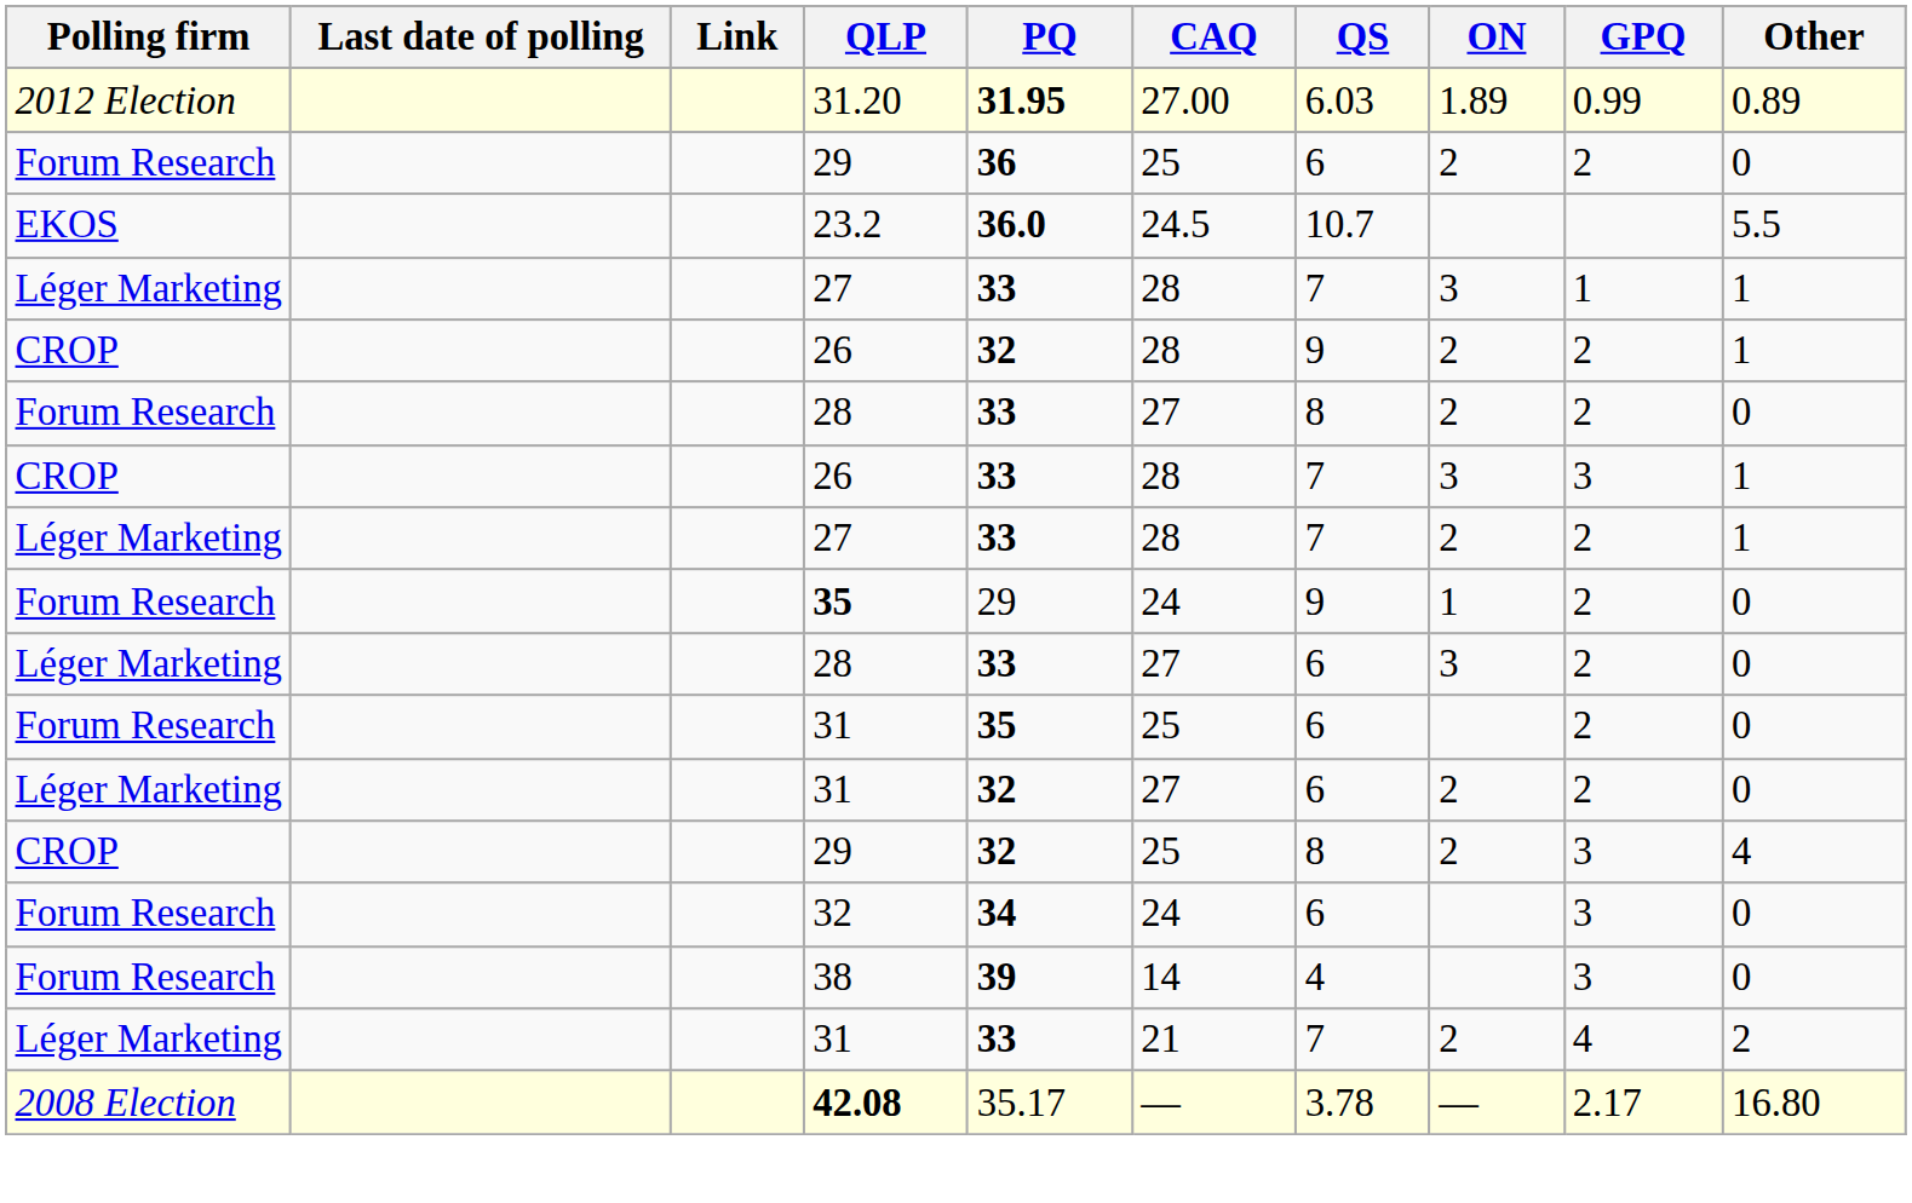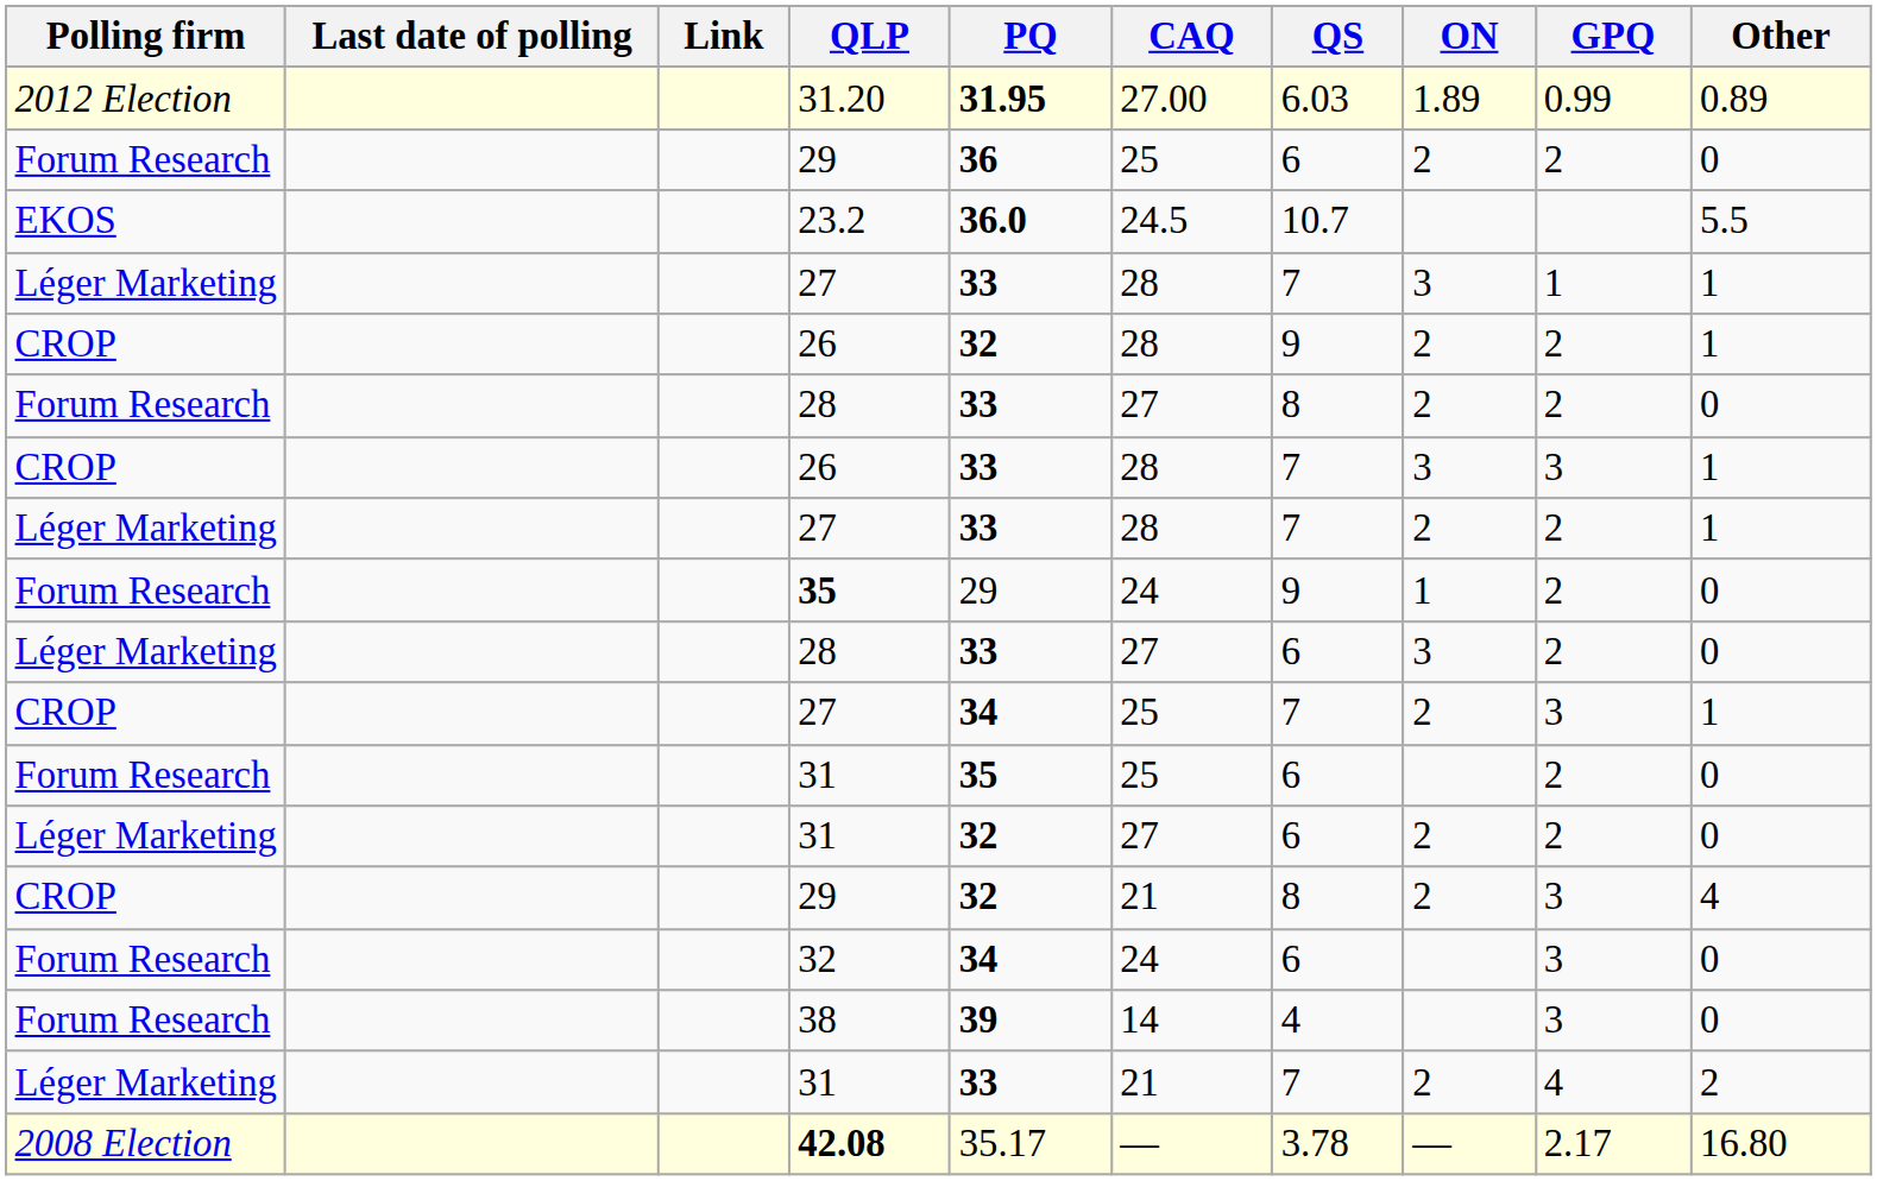 <table class="wikitable sortable">
 <tr style="background:#e9e9e9;">
 <th width=15%>Polling firm</th>
 <th width=20%>Last date of polling</th>
 <th style="width:7%;" class="unsortable">Link</th>
 <th style="background-color:"><strong><a href='#'>QLP</a></strong></th>
 <th style="background-color:"><strong><a href='#'>PQ</a></strong></th>
 <th style="background-color:"><strong><a href='#'>CAQ</a></strong></th>
 <th style="background-color:"><strong><a href='#'>QS</a></strong></th>
 <th style="background-color:"><strong><a href='#'>ON</a></strong></th>
 <th style="background-color:"><strong><a href='#'>GPQ</a></strong></th>
 <th style="background-color:"><strong>Other</strong></th>
 </tr>
 <tr>
 <td style="background:#ffd;"><em>2012 Election</em></td>
 <td style="background:#ffd;"></td>
 <td style="background:#ffd;"></td>
 <td style="background:#ffd;">31.20</td>
 <td style="background:#ffd;"><strong>31.95</strong></td>
 <td style="background:#ffd;">27.00</td>
 <td style="background:#ffd;">6.03</td>
 <td style="background:#ffd;">1.89</td>
 <td style="background:#ffd;">0.99</td>
 <td style="background:#ffd;">0.89</td>
 </tr>
 <tr>
 <td><a href='#'>Forum Research</a></td>
 <td></td>
 <td></td>
 <td>29</td>
 <td><strong>36</strong></td>
 <td>25</td>
 <td>6</td>
 <td>2</td>
 <td>2</td>
 <td>0</td>
 </tr>
 <tr>
 <td><a href='#'>EKOS</a></td>
 <td></td>
 <td></td>
 <td>23.2</td>
 <td><strong>36.0</strong></td>
 <td>24.5</td>
 <td>10.7</td>
 <td></td>
 <td></td>
 <td>5.5</td>
 </tr>
 <tr>
 <td><a href='#'>Léger Marketing</a></td>
 <td></td>
 <td></td>
 <td>27</td>
 <td><strong>33</strong></td>
 <td>28</td>
 <td>7</td>
 <td>3</td>
 <td>1</td>
 <td>1</td>
 </tr>
 <tr>
 <td><a href='#'>CROP</a></td>
 <td></td>
 <td></td>
 <td>26</td>
 <td><strong>32</strong></td>
 <td>28</td>
 <td>9</td>
 <td>2</td>
 <td>2</td>
 <td>1</td>
 </tr>
 <tr>
 <td><a href='#'>Forum Research</a></td>
 <td></td>
 <td></td>
 <td>28</td>
 <td><strong>33</strong></td>
 <td>27</td>
 <td>8</td>
 <td>2</td>
 <td>2</td>
 <td>0</td>
 </tr>
 <tr>
 <td><a href='#'>CROP</a></td>
 <td></td>
 <td></td>
 <td>26</td>
 <td><strong>33</strong></td>
 <td>28</td>
 <td>7</td>
 <td>3</td>
 <td>3</td>
 <td>1</td>
 </tr>
 <tr>
 <td><a href='#'>Léger Marketing</a></td>
 <td></td>
 <td></td>
 <td>27</td>
 <td><strong>33</strong></td>
 <td>28</td>
 <td>7</td>
 <td>2</td>
 <td>2</td>
 <td>1</td>
 </tr>
 <tr>
 <td><a href='#'>Forum Research</a></td>
 <td></td>
 <td></td>
 <td><strong>35</strong></td>
 <td>29</td>
 <td>24</td>
 <td>9</td>
 <td>1</td>
 <td>2</td>
 <td>0</td>
 </tr>
 <tr>
 <td><a href='#'>Léger Marketing</a></td>
 <td></td>
 <td></td>
 <td>28</td>
 <td><strong>33</strong></td>
 <td>27</td>
 <td>6</td>
 <td>3</td>
 <td>2</td>
 <td>0</td>
 </tr>
 <tr>
+<td><a href='#'>CROP</a></td>
+<td></td>
+<td></td>
+<td>27</td>
+<td><strong>34</strong></td>
+<td>25</td>
+<td>7</td>
+<td>2</td>
+<td>3</td>
+<td>1</td>
+</tr>
+<tr>
 <td><a href='#'>Forum Research</a></td>
 <td></td>
 <td></td>
 <td>31</td>
 <td><strong>35</strong></td>
 <td>25</td>
 <td>6</td>
 <td></td>
 <td>2</td>
 <td>0</td>
 </tr>
 <tr>
 <td><a href='#'>Léger Marketing</a></td>
 <td></td>
 <td></td>
 <td>31</td>
 <td><strong>32</strong></td>
 <td>27</td>
 <td>6</td>
 <td>2</td>
 <td>2</td>
 <td>0</td>
 </tr>
 <tr>
 <td><a href='#'>CROP</a></td>
 <td></td>
 <td></td>
 <td>29</td>
 <td><strong>32</strong></td>
-<td>25</td>
+<td>21</td>
 <td>8</td>
 <td>2</td>
 <td>3</td>
 <td>4</td>
 </tr>
 <tr>
 <td><a href='#'>Forum Research</a></td>
 <td></td>
 <td></td>
 <td>32</td>
 <td><strong>34</strong></td>
 <td>24</td>
 <td>6</td>
 <td></td>
 <td>3</td>
 <td>0</td>
 </tr>
 <tr>
 <td><a href='#'>Forum Research</a></td>
 <td></td>
 <td></td>
 <td>38</td>
 <td><strong>39</strong></td>
 <td>14</td>
 <td>4</td>
 <td></td>
 <td>3</td>
 <td>0</td>
 </tr>
 <tr>
 <td><a href='#'>Léger Marketing</a></td>
 <td></td>
 <td></td>
 <td>31</td>
 <td><strong>33</strong></td>
 <td>21</td>
 <td>7</td>
 <td>2</td>
 <td>4</td>
 <td>2</td>
 </tr>
 <tr>
 <td style="background:#ffd;"><em><a href='#'>2008 Election</a></em></td>
 <td style="background:#ffd;"></td>
 <td style="background:#ffd;"></td>
 <td style="background:#ffd;"><strong>42.08</strong></td>
 <td style="background:#ffd;">35.17</td>
 <td style="background:#ffd;">—</td>
 <td style="background:#ffd;">3.78</td>
 <td style="background:#ffd;">—</td>
 <td style="background:#ffd;">2.17</td>
 <td style="background:#ffd;">16.80</td>
 </tr>
 </table>
